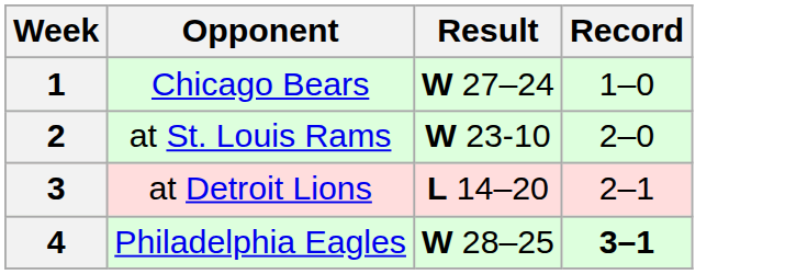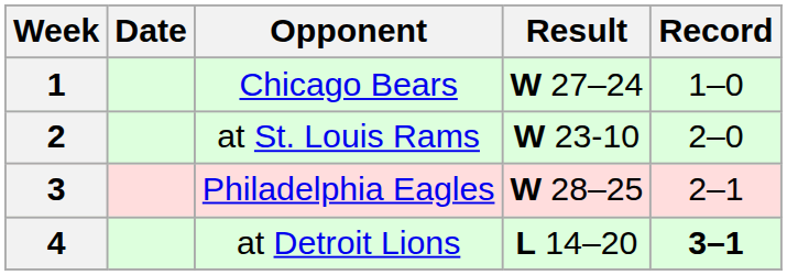 <table class="wikitable" style="text-align:center">
 <tr>
 <th>Week</th>
+<th>Date</th>
 <th>Opponent</th>
 <th>Result</th>
 <th>Record</th>
 </tr>
 <tr style="background:#dfd;">
 <th>1</th>
+<td></td>
 <td><a href='#'>Chicago Bears</a></td>
 <td><strong>W</strong> 27–24</td>
 <td>1–0</td>
 </tr>
 <tr style="background:#dfd;">
 <th>2</th>
+<td></td>
 <td>at <a href='#'>St. Louis Rams</a></td>
 <td><strong>W</strong> 23-10</td>
 <td>2–0</td>
 </tr>
 <tr style="background:#fdd;">
 <th>3</th>
-<td>at <a href='#'>Detroit Lions</a></td>
-<td><strong>L</strong> 14–20</td>
+<td></td>
+<td><a href='#'>Philadelphia Eagles</a></td>
+<td><strong>W</strong> 28–25</td>
 <td>2–1</td>
 </tr>
 <tr style="background:#dfd;">
 <th>4</th>
-<td><a href='#'>Philadelphia Eagles</a></td>
-<td><strong>W</strong> 28–25</td>
+<td></td>
+<td>at <a href='#'>Detroit Lions</a></td>
+<td><strong>L</strong> 14–20</td>
 <td><strong>3–1</strong></td>
 </tr>
 </table>
